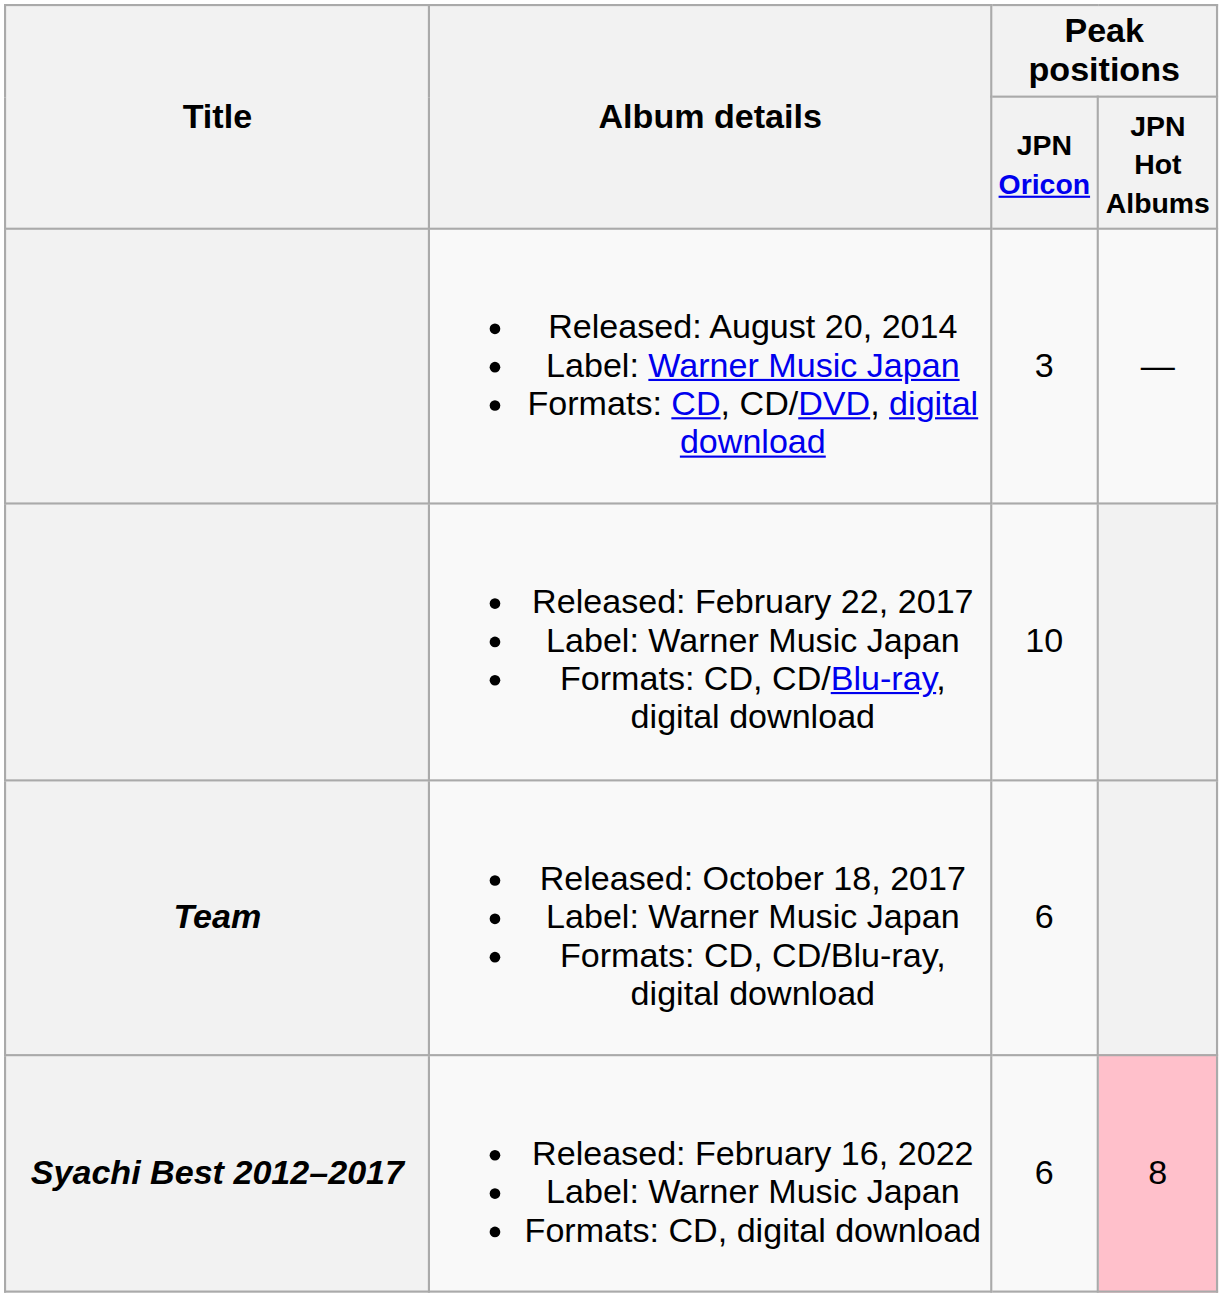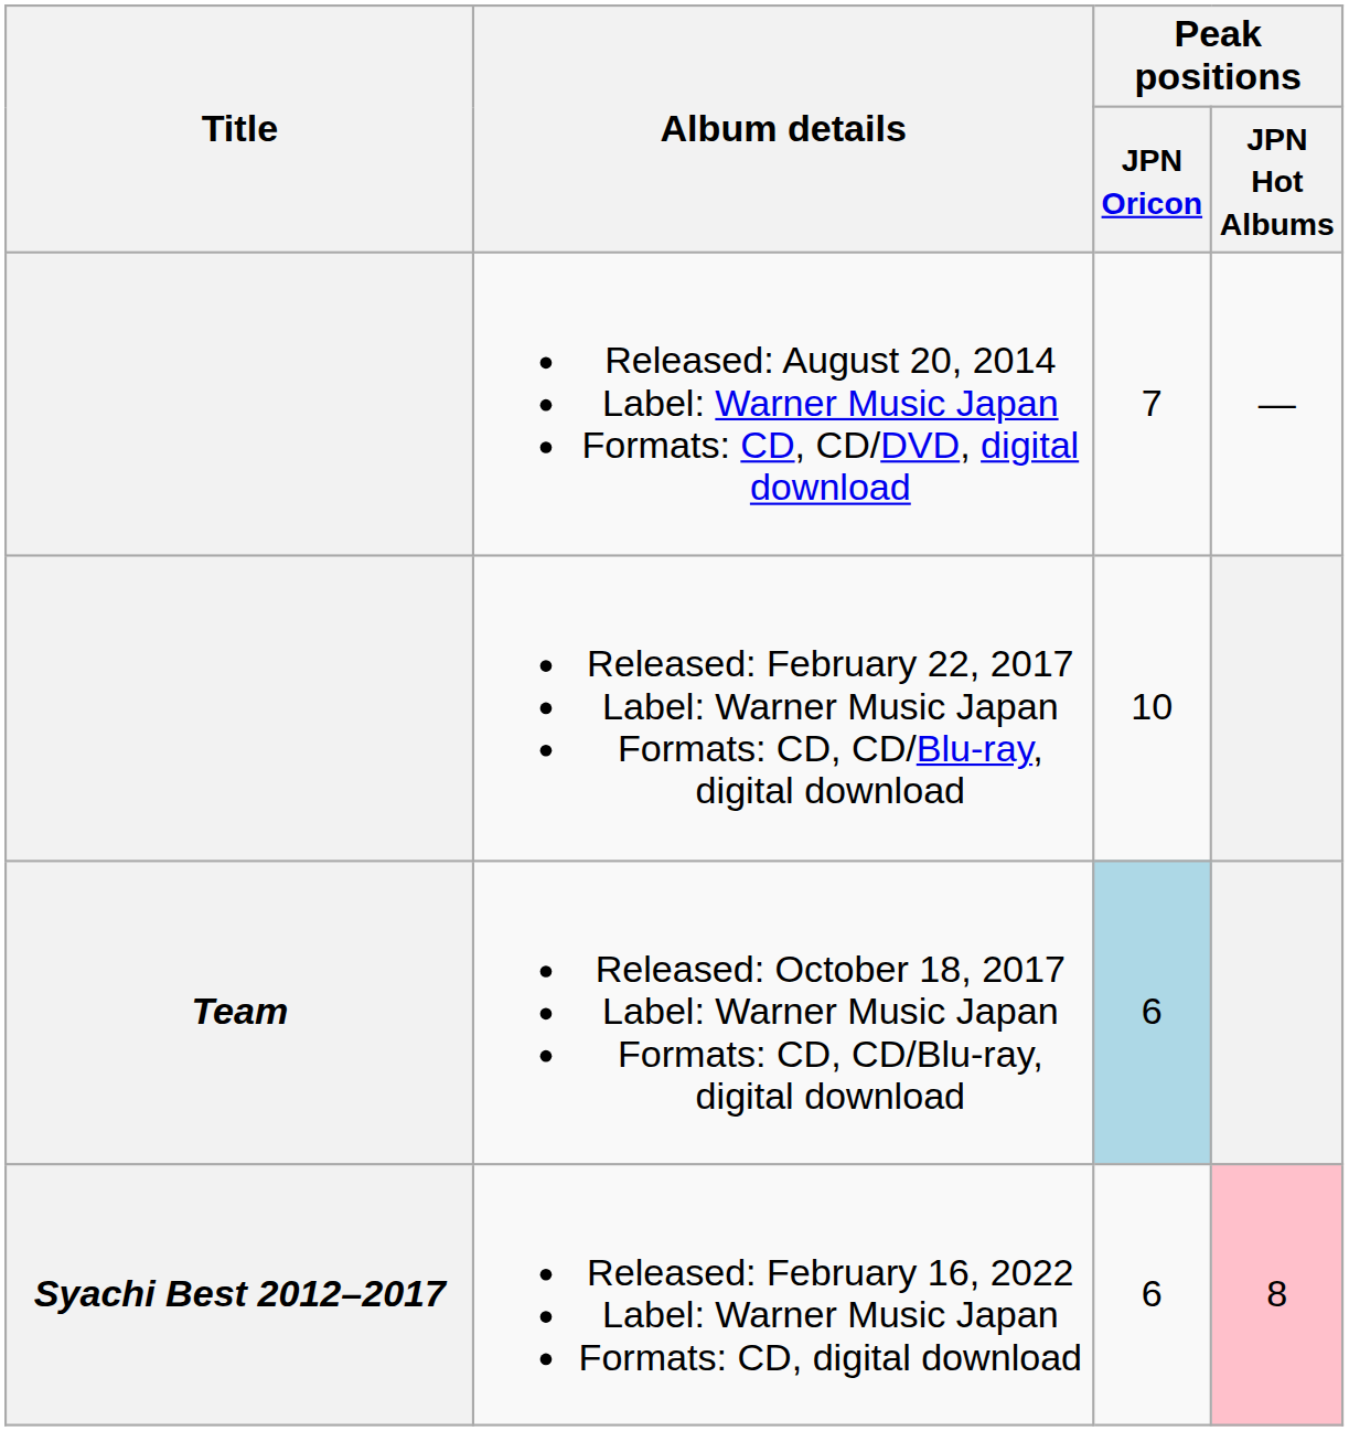 <table class="wikitable plainrowheaders" style="text-align:center;">
 <tr>
 <th style="width:12em;" rowspan="2">Title</th>
 <th style="width:16em;" rowspan="2">Album details</th>
 <th colspan="2">Peak positions</th>
 </tr>
 <tr>
 <th style="width:2.5em;"><small>JPN <a href='#'>Oricon</a></small><br></th>
 <th style="width:2.5em;"><small>JPN Hot Albums</small><br></th>
 </tr>
 <tr>
 <th scope="row"></th>
 <td><br><ul><li>Released: August 20, 2014</li><li>Label: <a href='#'>Warner Music Japan</a></li><li>Formats: <a href='#'>CD</a>, CD/<a href='#'>DVD</a>, <a href='#'>digital download</a></li></ul></td>
-<td>3</td>
+<td>7</td>
 <td>—</td>
 </tr>
 <tr>
 <th scope="row"></th>
 <td><br><ul><li>Released: February 22, 2017</li><li>Label: Warner Music Japan</li><li>Formats: CD, CD/<a href='#'>Blu-ray</a>, digital download</li></ul></td>
 <td>10</td>
 <th></th>
 </tr>
 <tr>
 <th scope="row"><em>Team</em></th>
 <td><br><ul><li>Released: October 18, 2017</li><li>Label: Warner Music Japan</li><li>Formats: CD, CD/Blu-ray, digital download</li></ul></td>
-<td>6</td>
+<td style="background: lightblue;">6</td>
 <th></th>
 </tr>
 <tr>
 <th scope="row"><em>Syachi Best 2012–2017</em></th>
 <td><br><ul><li>Released: February 16, 2022</li><li>Label: Warner Music Japan</li><li>Formats: CD, digital download</li></ul></td>
 <td>6</td>
 <td style="background: pink;">8</td>
 </tr>
 </table>
